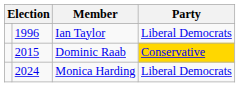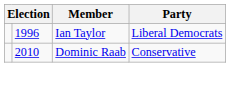 <table class="wikitable">
 <tr>
 <th colspan="2">Election</th>
 <th>Member</th>
 <th>Party</th>
 </tr>
 <tr>
 <td style="color:inherit;background-color: "></td>
 <td><a href='#'>1996</a></td>
 <td><a href='#'>Ian Taylor</a></td>
 <td><a href='#'>Liberal Democrats</a></td>
 </tr>
 <tr>
 <td style="color:inherit;background-color: "></td>
-<td><a href='#'>2015</a></td>
+<td><a href='#'>2010</a></td>
 <td><a href='#'>Dominic Raab</a></td>
-<td style="background: gold;"><a href='#'>Conservative</a></td>
-</tr>
-<tr>
-<td style="color:inherit;background-color: "></td>
-<td><a href='#'>2024</a></td>
-<td><a href='#'>Monica Harding</a></td>
-<td><a href='#'>Liberal Democrats</a></td>
+<td><a href='#'>Conservative</a></td>
 </tr>
 </table>
